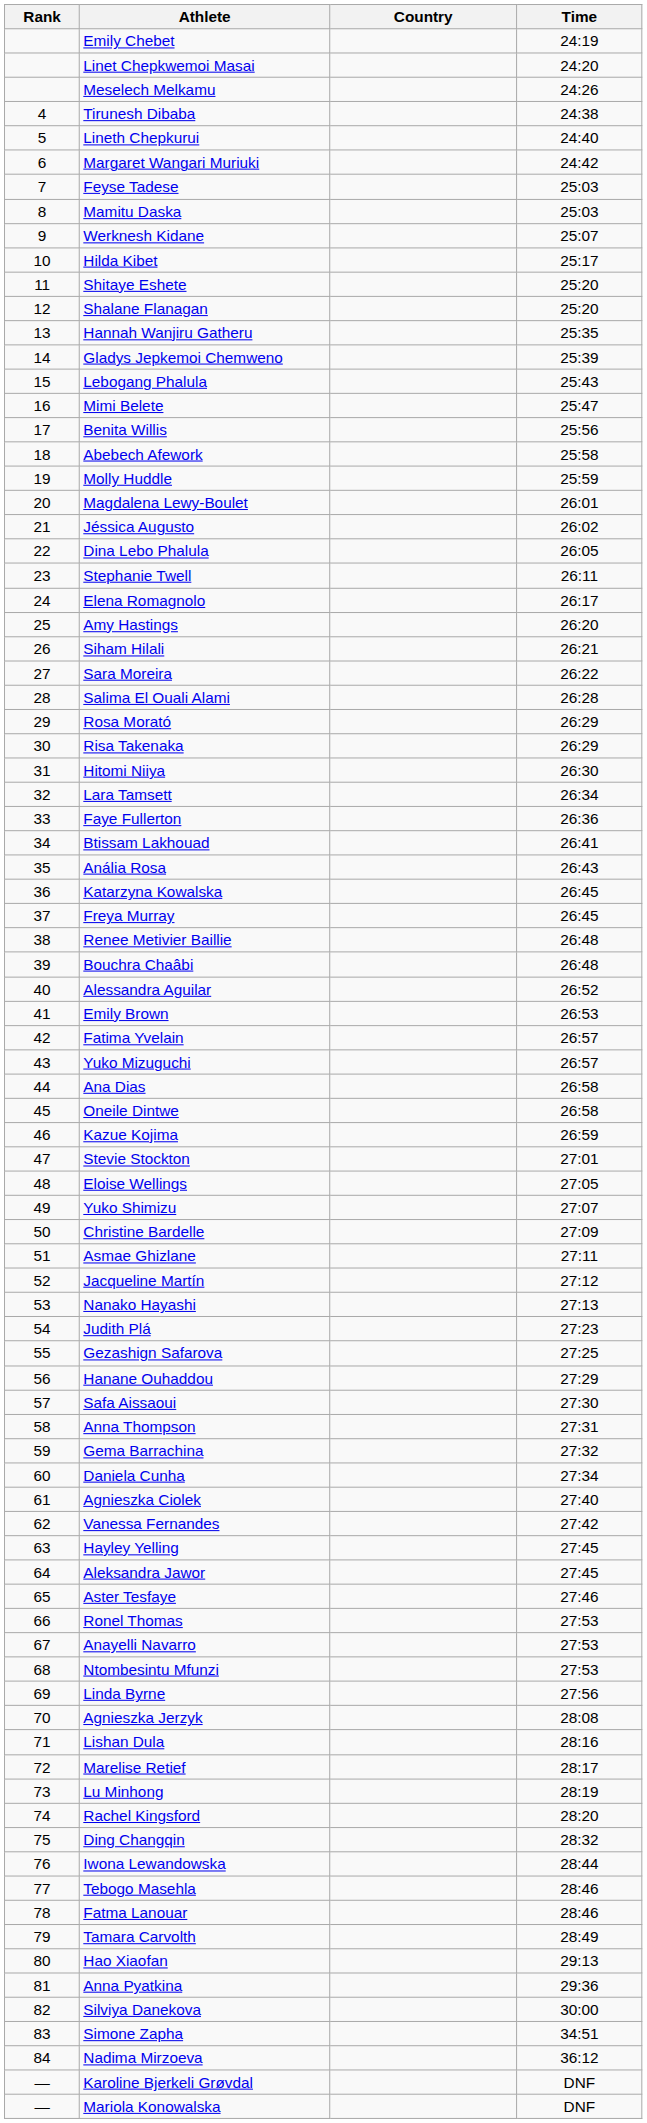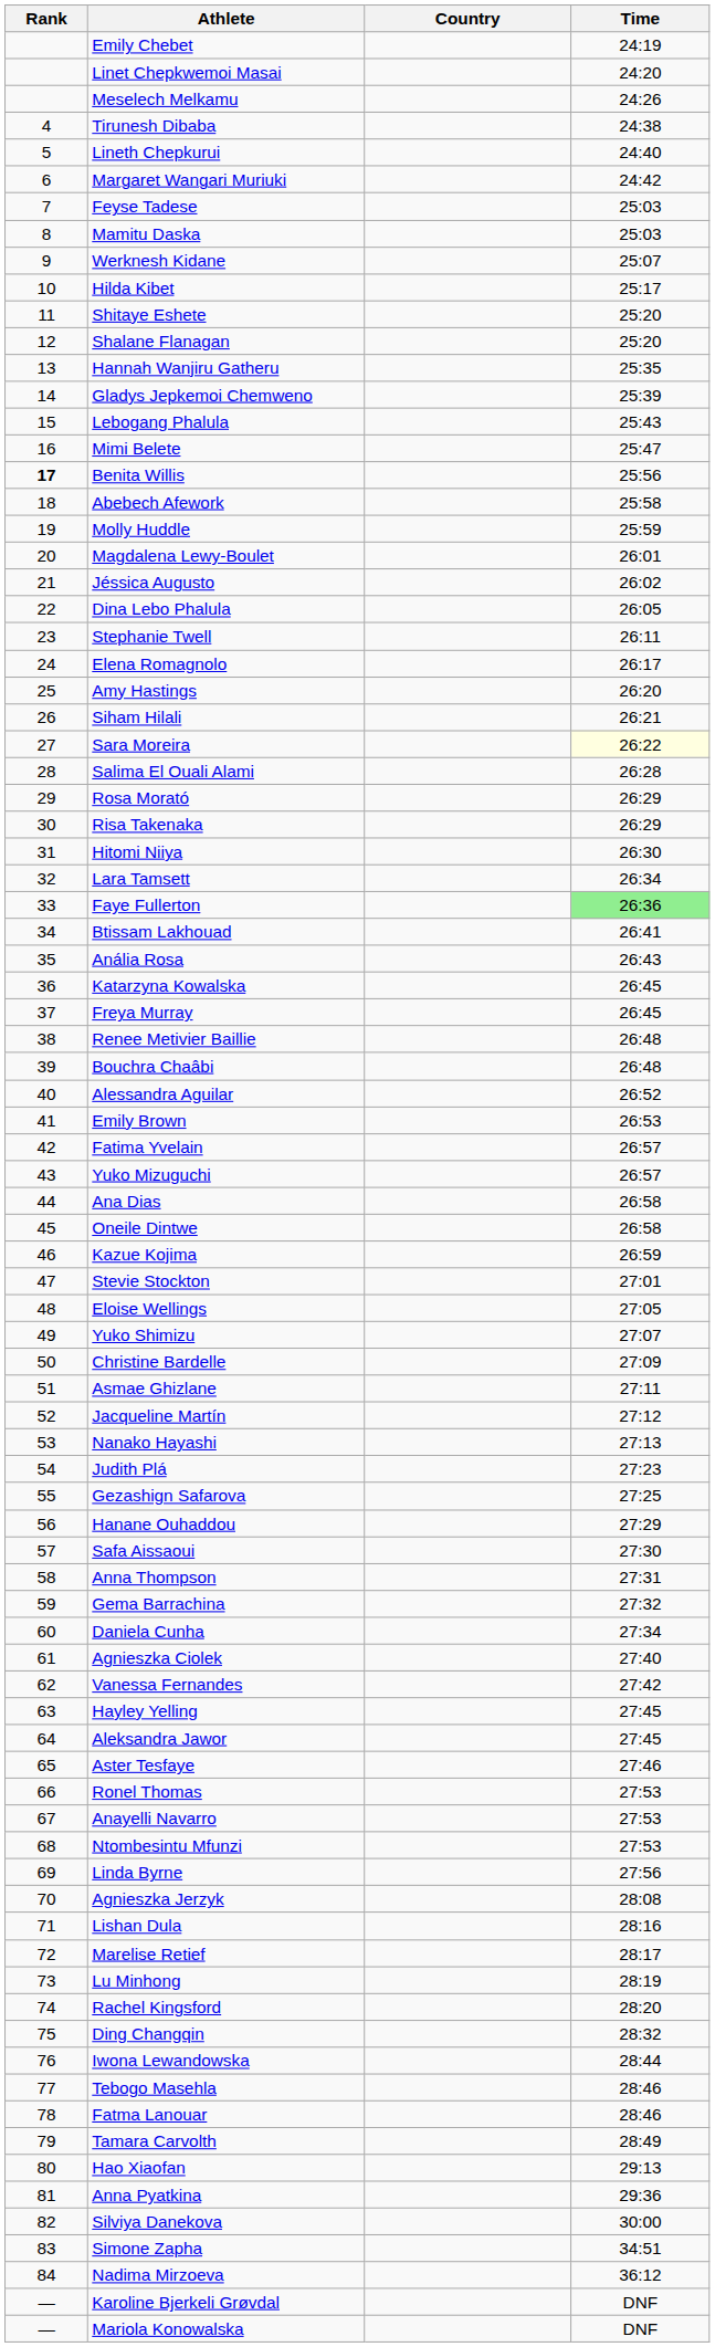 <table class="wikitable sortable" style=" text-align:center; font-size:95%;" width="50%">
 <tr>
 <th width=5%>Rank</th>
 <th width=20%>Athlete</th>
 <th width=15%>Country</th>
 <th width=10%>Time</th>
 </tr>
 <tr>
 <td align=center></td>
 <td align=left><a href='#'>Emily Chebet</a></td>
 <td align=left></td>
 <td>24:19</td>
 </tr>
 <tr>
 <td align=center></td>
 <td align=left><a href='#'>Linet Chepkwemoi Masai</a></td>
 <td align=left></td>
 <td>24:20</td>
 </tr>
 <tr>
 <td align=center></td>
 <td align=left><a href='#'>Meselech Melkamu</a></td>
 <td align=left></td>
 <td>24:26</td>
 </tr>
 <tr>
 <td align=center>4</td>
 <td align=left><a href='#'>Tirunesh Dibaba</a></td>
 <td align=left></td>
 <td>24:38</td>
 </tr>
 <tr>
 <td align=center>5</td>
 <td align=left><a href='#'>Lineth Chepkurui</a></td>
 <td align=left></td>
 <td>24:40</td>
 </tr>
 <tr>
 <td align=center>6</td>
 <td align=left><a href='#'>Margaret Wangari Muriuki</a></td>
 <td align=left></td>
 <td>24:42</td>
 </tr>
 <tr>
 <td align=center>7</td>
 <td align=left><a href='#'>Feyse Tadese</a></td>
 <td align=left></td>
 <td>25:03</td>
 </tr>
 <tr>
 <td align=center>8</td>
 <td align=left><a href='#'>Mamitu Daska</a></td>
 <td align=left></td>
 <td>25:03</td>
 </tr>
 <tr>
 <td align=center>9</td>
 <td align=left><a href='#'>Werknesh Kidane</a></td>
 <td align=left></td>
 <td>25:07</td>
 </tr>
 <tr>
 <td align=center>10</td>
 <td align=left><a href='#'>Hilda Kibet</a></td>
 <td align=left></td>
 <td>25:17</td>
 </tr>
 <tr>
 <td align=center>11</td>
 <td align=left><a href='#'>Shitaye Eshete</a></td>
 <td align=left></td>
 <td>25:20</td>
 </tr>
 <tr>
 <td align=center>12</td>
 <td align=left><a href='#'>Shalane Flanagan</a></td>
 <td align=left></td>
 <td>25:20</td>
 </tr>
 <tr>
 <td align=center>13</td>
 <td align=left><a href='#'>Hannah Wanjiru Gatheru</a></td>
 <td align=left></td>
 <td>25:35</td>
 </tr>
 <tr>
 <td align=center>14</td>
 <td align=left><a href='#'>Gladys Jepkemoi Chemweno</a></td>
 <td align=left></td>
 <td>25:39</td>
 </tr>
 <tr>
 <td align=center>15</td>
 <td align=left><a href='#'>Lebogang Phalula</a></td>
 <td align=left></td>
 <td>25:43</td>
 </tr>
 <tr>
 <td align=center>16</td>
 <td align=left><a href='#'>Mimi Belete</a></td>
 <td align=left></td>
 <td>25:47</td>
 </tr>
 <tr>
-<td align=center>17</td>
+<td align=center><strong>17</strong></td>
 <td align=left><a href='#'>Benita Willis</a></td>
 <td align=left></td>
 <td>25:56</td>
 </tr>
 <tr>
 <td align=center>18</td>
 <td align=left><a href='#'>Abebech Afework</a></td>
 <td align=left></td>
 <td>25:58</td>
 </tr>
 <tr>
 <td align=center>19</td>
 <td align=left><a href='#'>Molly Huddle</a></td>
 <td align=left></td>
 <td>25:59</td>
 </tr>
 <tr>
 <td align=center>20</td>
 <td align=left><a href='#'>Magdalena Lewy-Boulet</a></td>
 <td align=left></td>
 <td>26:01</td>
 </tr>
 <tr>
 <td align=center>21</td>
 <td align=left><a href='#'>Jéssica Augusto</a></td>
 <td align=left></td>
 <td>26:02</td>
 </tr>
 <tr>
 <td align=center>22</td>
 <td align=left><a href='#'>Dina Lebo Phalula</a></td>
 <td align=left></td>
 <td>26:05</td>
 </tr>
 <tr>
 <td align=center>23</td>
 <td align=left><a href='#'>Stephanie Twell</a></td>
 <td align=left></td>
 <td>26:11</td>
 </tr>
 <tr>
 <td align=center>24</td>
 <td align=left><a href='#'>Elena Romagnolo</a></td>
 <td align=left></td>
 <td>26:17</td>
 </tr>
 <tr>
 <td align=center>25</td>
 <td align=left><a href='#'>Amy Hastings</a></td>
 <td align=left></td>
 <td>26:20</td>
 </tr>
 <tr>
 <td align=center>26</td>
 <td align=left><a href='#'>Siham Hilali</a></td>
 <td align=left></td>
 <td>26:21</td>
 </tr>
 <tr>
 <td align=center>27</td>
 <td align=left><a href='#'>Sara Moreira</a></td>
 <td align=left></td>
-<td>26:22</td>
+<td style="background: lightyellow;">26:22</td>
 </tr>
 <tr>
 <td align=center>28</td>
 <td align=left><a href='#'>Salima El Ouali Alami</a></td>
 <td align=left></td>
 <td>26:28</td>
 </tr>
 <tr>
 <td align=center>29</td>
 <td align=left><a href='#'>Rosa Morató</a></td>
 <td align=left></td>
 <td>26:29</td>
 </tr>
 <tr>
 <td align=center>30</td>
 <td align=left><a href='#'>Risa Takenaka</a></td>
 <td align=left></td>
 <td>26:29</td>
 </tr>
 <tr>
 <td align=center>31</td>
 <td align=left><a href='#'>Hitomi Niiya</a></td>
 <td align=left></td>
 <td>26:30</td>
 </tr>
 <tr>
 <td align=center>32</td>
 <td align=left><a href='#'>Lara Tamsett</a></td>
 <td align=left></td>
 <td>26:34</td>
 </tr>
 <tr>
 <td align=center>33</td>
 <td align=left><a href='#'>Faye Fullerton</a></td>
 <td align=left></td>
-<td>26:36</td>
+<td style="background: lightgreen;">26:36</td>
 </tr>
 <tr>
 <td align=center>34</td>
 <td align=left><a href='#'>Btissam Lakhouad</a></td>
 <td align=left></td>
 <td>26:41</td>
 </tr>
 <tr>
 <td align=center>35</td>
 <td align=left><a href='#'>Anália Rosa</a></td>
 <td align=left></td>
 <td>26:43</td>
 </tr>
 <tr>
 <td align=center>36</td>
 <td align=left><a href='#'>Katarzyna Kowalska</a></td>
 <td align=left></td>
 <td>26:45</td>
 </tr>
 <tr>
 <td align=center>37</td>
 <td align=left><a href='#'>Freya Murray</a></td>
 <td align=left></td>
 <td>26:45</td>
 </tr>
 <tr>
 <td align=center>38</td>
 <td align=left><a href='#'>Renee Metivier Baillie</a></td>
 <td align=left></td>
 <td>26:48</td>
 </tr>
 <tr>
 <td align=center>39</td>
 <td align=left><a href='#'>Bouchra Chaâbi</a></td>
 <td align=left></td>
 <td>26:48</td>
 </tr>
 <tr>
 <td align=center>40</td>
 <td align=left><a href='#'>Alessandra Aguilar</a></td>
 <td align=left></td>
 <td>26:52</td>
 </tr>
 <tr>
 <td align=center>41</td>
 <td align=left><a href='#'>Emily Brown</a></td>
 <td align=left></td>
 <td>26:53</td>
 </tr>
 <tr>
 <td align=center>42</td>
 <td align=left><a href='#'>Fatima Yvelain</a></td>
 <td align=left></td>
 <td>26:57</td>
 </tr>
 <tr>
 <td align=center>43</td>
 <td align=left><a href='#'>Yuko Mizuguchi</a></td>
 <td align=left></td>
 <td>26:57</td>
 </tr>
 <tr>
 <td align=center>44</td>
 <td align=left><a href='#'>Ana Dias</a></td>
 <td align=left></td>
 <td>26:58</td>
 </tr>
 <tr>
 <td align=center>45</td>
 <td align=left><a href='#'>Oneile Dintwe</a></td>
 <td align=left></td>
 <td>26:58</td>
 </tr>
 <tr>
 <td align=center>46</td>
 <td align=left><a href='#'>Kazue Kojima</a></td>
 <td align=left></td>
 <td>26:59</td>
 </tr>
 <tr>
 <td align=center>47</td>
 <td align=left><a href='#'>Stevie Stockton</a></td>
 <td align=left></td>
 <td>27:01</td>
 </tr>
 <tr>
 <td align=center>48</td>
 <td align=left><a href='#'>Eloise Wellings</a></td>
 <td align=left></td>
 <td>27:05</td>
 </tr>
 <tr>
 <td align=center>49</td>
 <td align=left><a href='#'>Yuko Shimizu</a></td>
 <td align=left></td>
 <td>27:07</td>
 </tr>
 <tr>
 <td align=center>50</td>
 <td align=left><a href='#'>Christine Bardelle</a></td>
 <td align=left></td>
 <td>27:09</td>
 </tr>
 <tr>
 <td align=center>51</td>
 <td align=left><a href='#'>Asmae Ghizlane</a></td>
 <td align=left></td>
 <td>27:11</td>
 </tr>
 <tr>
 <td align=center>52</td>
 <td align=left><a href='#'>Jacqueline Martín</a></td>
 <td align=left></td>
 <td>27:12</td>
 </tr>
 <tr>
 <td align=center>53</td>
 <td align=left><a href='#'>Nanako Hayashi</a></td>
 <td align=left></td>
 <td>27:13</td>
 </tr>
 <tr>
 <td align=center>54</td>
 <td align=left><a href='#'>Judith Plá</a></td>
 <td align=left></td>
 <td>27:23</td>
 </tr>
 <tr>
 <td align=center>55</td>
 <td align=left><a href='#'>Gezashign Safarova</a></td>
 <td align=left></td>
 <td>27:25</td>
 </tr>
 <tr>
 <td align=center>56</td>
 <td align=left><a href='#'>Hanane Ouhaddou</a></td>
 <td align=left></td>
 <td>27:29</td>
 </tr>
 <tr>
 <td align=center>57</td>
 <td align=left><a href='#'>Safa Aissaoui</a></td>
 <td align=left></td>
 <td>27:30</td>
 </tr>
 <tr>
 <td align=center>58</td>
 <td align=left><a href='#'>Anna Thompson</a></td>
 <td align=left></td>
 <td>27:31</td>
 </tr>
 <tr>
 <td align=center>59</td>
 <td align=left><a href='#'>Gema Barrachina</a></td>
 <td align=left></td>
 <td>27:32</td>
 </tr>
 <tr>
 <td align=center>60</td>
 <td align=left><a href='#'>Daniela Cunha</a></td>
 <td align=left></td>
 <td>27:34</td>
 </tr>
 <tr>
 <td align=center>61</td>
 <td align=left><a href='#'>Agnieszka Ciolek</a></td>
 <td align=left></td>
 <td>27:40</td>
 </tr>
 <tr>
 <td align=center>62</td>
 <td align=left><a href='#'>Vanessa Fernandes</a></td>
 <td align=left></td>
 <td>27:42</td>
 </tr>
 <tr>
 <td align=center>63</td>
 <td align=left><a href='#'>Hayley Yelling</a></td>
 <td align=left></td>
 <td>27:45</td>
 </tr>
 <tr>
 <td align=center>64</td>
 <td align=left><a href='#'>Aleksandra Jawor</a></td>
 <td align=left></td>
 <td>27:45</td>
 </tr>
 <tr>
 <td align=center>65</td>
 <td align=left><a href='#'>Aster Tesfaye</a></td>
 <td align=left></td>
 <td>27:46</td>
 </tr>
 <tr>
 <td align=center>66</td>
 <td align=left><a href='#'>Ronel Thomas</a></td>
 <td align=left></td>
 <td>27:53</td>
 </tr>
 <tr>
 <td align=center>67</td>
 <td align=left><a href='#'>Anayelli Navarro</a></td>
 <td align=left></td>
 <td>27:53</td>
 </tr>
 <tr>
 <td align=center>68</td>
 <td align=left><a href='#'>Ntombesintu Mfunzi</a></td>
 <td align=left></td>
 <td>27:53</td>
 </tr>
 <tr>
 <td align=center>69</td>
 <td align=left><a href='#'>Linda Byrne</a></td>
 <td align=left></td>
 <td>27:56</td>
 </tr>
 <tr>
 <td align=center>70</td>
 <td align=left><a href='#'>Agnieszka Jerzyk</a></td>
 <td align=left></td>
 <td>28:08</td>
 </tr>
 <tr>
 <td align=center>71</td>
 <td align=left><a href='#'>Lishan Dula</a></td>
 <td align=left></td>
 <td>28:16</td>
 </tr>
 <tr>
 <td align=center>72</td>
 <td align=left><a href='#'>Marelise Retief</a></td>
 <td align=left></td>
 <td>28:17</td>
 </tr>
 <tr>
 <td align=center>73</td>
 <td align=left><a href='#'>Lu Minhong</a></td>
 <td align=left></td>
 <td>28:19</td>
 </tr>
 <tr>
 <td align=center>74</td>
 <td align=left><a href='#'>Rachel Kingsford</a></td>
 <td align=left></td>
 <td>28:20</td>
 </tr>
 <tr>
 <td align=center>75</td>
 <td align=left><a href='#'>Ding Changqin</a></td>
 <td align=left></td>
 <td>28:32</td>
 </tr>
 <tr>
 <td align=center>76</td>
 <td align=left><a href='#'>Iwona Lewandowska</a></td>
 <td align=left></td>
 <td>28:44</td>
 </tr>
 <tr>
 <td align=center>77</td>
 <td align=left><a href='#'>Tebogo Masehla</a></td>
 <td align=left></td>
 <td>28:46</td>
 </tr>
 <tr>
 <td align=center>78</td>
 <td align=left><a href='#'>Fatma Lanouar</a></td>
 <td align=left></td>
 <td>28:46</td>
 </tr>
 <tr>
 <td align=center>79</td>
 <td align=left><a href='#'>Tamara Carvolth</a></td>
 <td align=left></td>
 <td>28:49</td>
 </tr>
 <tr>
 <td align=center>80</td>
 <td align=left><a href='#'>Hao Xiaofan</a></td>
 <td align=left></td>
 <td>29:13</td>
 </tr>
 <tr>
 <td align=center>81</td>
 <td align=left><a href='#'>Anna Pyatkina</a></td>
 <td align=left></td>
 <td>29:36</td>
 </tr>
 <tr>
 <td align=center>82</td>
 <td align=left><a href='#'>Silviya Danekova</a></td>
 <td align=left></td>
 <td>30:00</td>
 </tr>
 <tr>
 <td align=center>83</td>
 <td align=left><a href='#'>Simone Zapha</a></td>
 <td align=left></td>
 <td>34:51</td>
 </tr>
 <tr>
 <td align=center>84</td>
 <td align=left><a href='#'>Nadima Mirzoeva</a></td>
 <td align=left></td>
 <td>36:12</td>
 </tr>
 <tr>
 <td align=center>—</td>
 <td align=left><a href='#'>Karoline Bjerkeli Grøvdal</a></td>
 <td align=left></td>
 <td>DNF</td>
 </tr>
 <tr>
 <td align=center>—</td>
 <td align=left><a href='#'>Mariola Konowalska</a></td>
 <td align=left></td>
 <td>DNF</td>
 </tr>
 </table>
